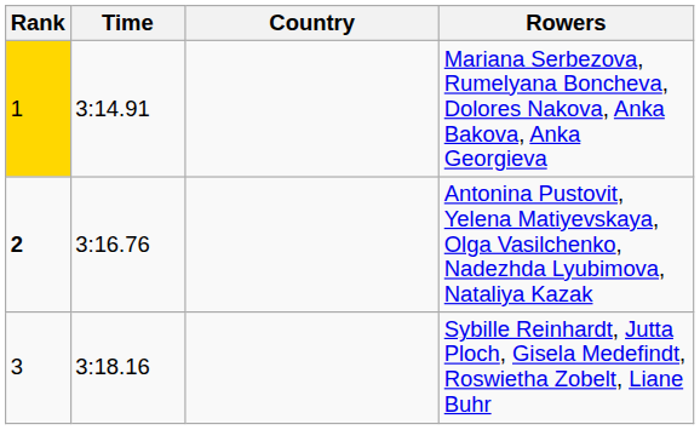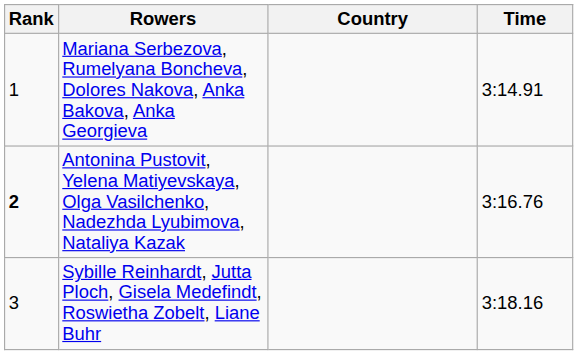 <table class="wikitable">
 <tr>
 <th width=25>Rank</th>
+<th width=175>Rowers</th>
+<th width=175>Country</th>
 <th width=75>Time</th>
-<th width=175>Country</th>
-<th width=175>Rowers</th>
 </tr>
 <tr>
-<td style="background: gold;">1</td>
+<td>1</td>
+<td><a href='#'>Mariana Serbezova</a>, <a href='#'>Rumelyana Boncheva</a>, <a href='#'>Dolores Nakova</a>, <a href='#'>Anka Bakova</a>, <a href='#'>Anka Georgieva</a></td>
+<td></td>
 <td>3:14.91</td>
-<td></td>
-<td><a href='#'>Mariana Serbezova</a>, <a href='#'>Rumelyana Boncheva</a>, <a href='#'>Dolores Nakova</a>, <a href='#'>Anka Bakova</a>, <a href='#'>Anka Georgieva</a></td>
 </tr>
 <tr>
 <td><strong>2</strong></td>
+<td><a href='#'>Antonina Pustovit</a>, <a href='#'>Yelena Matiyevskaya</a>, <a href='#'>Olga Vasilchenko</a>, <a href='#'>Nadezhda Lyubimova</a>, <a href='#'>Nataliya Kazak</a></td>
+<td></td>
 <td>3:16.76</td>
-<td></td>
-<td><a href='#'>Antonina Pustovit</a>, <a href='#'>Yelena Matiyevskaya</a>, <a href='#'>Olga Vasilchenko</a>, <a href='#'>Nadezhda Lyubimova</a>, <a href='#'>Nataliya Kazak</a></td>
 </tr>
 <tr>
 <td>3</td>
+<td><a href='#'>Sybille Reinhardt</a>, <a href='#'>Jutta Ploch</a>, <a href='#'>Gisela Medefindt</a>, <a href='#'>Roswietha Zobelt</a>, <a href='#'>Liane Buhr</a></td>
+<td></td>
 <td>3:18.16</td>
-<td></td>
-<td><a href='#'>Sybille Reinhardt</a>, <a href='#'>Jutta Ploch</a>, <a href='#'>Gisela Medefindt</a>, <a href='#'>Roswietha Zobelt</a>, <a href='#'>Liane Buhr</a></td>
 </tr>
 </table>
